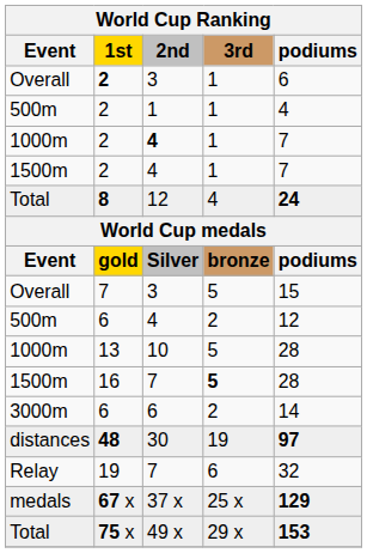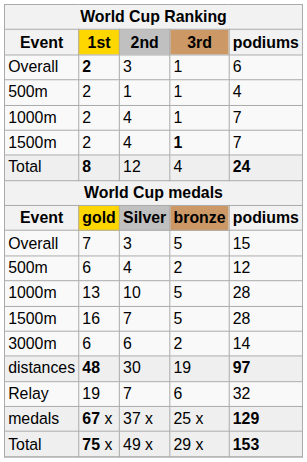 <table class="wikitable" style="font-size:100%" style="text-align:center">
 <tr>
 <th colspan="5">World Cup Ranking</th>
 </tr>
 <tr>
 <th>Event</th>
 <th style="background:gold">1st</th>
 <th style="background:silver">2nd</th>
 <th style="background:#CC9966">3rd</th>
 <th>podiums</th>
 </tr>
 <tr>
 <td>Overall</td>
 <td><strong>2</strong></td>
 <td>3</td>
 <td>1</td>
 <td>6</td>
 </tr>
 <tr>
 <td>500m</td>
 <td>2</td>
 <td>1</td>
 <td>1</td>
 <td>4</td>
 </tr>
 <tr>
 <td>1000m</td>
 <td>2</td>
-<td><strong>4</strong></td>
+<td>4</td>
 <td>1</td>
 <td>7</td>
 </tr>
 <tr>
 <td>1500m</td>
 <td>2</td>
 <td>4</td>
-<td>1</td>
+<td><strong>1</strong></td>
 <td>7</td>
 </tr>
 <tr>
 <td style="background:#EFEFEF">Total</td>
 <td style="background:#EFEFEF"><strong>8</strong></td>
 <td style="background:#EFEFEF">12</td>
 <td style="background:#EFEFEF">4</td>
 <td style="background: #EFEFEF"><strong>24</strong></td>
 </tr>
 <tr>
 <th colspan="5">World Cup medals</th>
 </tr>
 <tr>
 <th>Event</th>
 <th style="background:gold">gold</th>
 <th style="background:silver">Silver</th>
 <th style="background:#CC9966">bronze</th>
 <th>podiums</th>
 </tr>
 <tr>
 <td>Overall</td>
 <td>7</td>
 <td>3</td>
 <td>5</td>
 <td>15</td>
 </tr>
 <tr>
 <td>500m</td>
 <td>6</td>
 <td>4</td>
 <td>2</td>
 <td>12</td>
 </tr>
 <tr>
 <td>1000m</td>
 <td>13</td>
 <td>10</td>
 <td>5</td>
 <td>28</td>
 </tr>
 <tr>
 <td>1500m</td>
 <td>16</td>
 <td>7</td>
-<td><strong>5</strong></td>
+<td>5</td>
 <td>28</td>
 </tr>
 <tr>
 <td>3000m</td>
 <td>6</td>
 <td>6</td>
 <td>2</td>
 <td>14</td>
 </tr>
 <tr>
 <td style="background:#EFEFEF">distances</td>
 <td style="background:#EFEFEF"><strong>48</strong></td>
 <td style="background:#EFEFEF">30</td>
 <td style="background:#EFEFEF">19</td>
 <td style="background: #EFEFEF"><strong>97</strong></td>
 </tr>
 <tr>
 <td>Relay</td>
 <td>19</td>
 <td>7</td>
 <td>6</td>
 <td>32</td>
 </tr>
 <tr>
 <td style="background:#EFEFEF">medals</td>
 <td style="background:#EFEFEF"><strong>67</strong> x </td>
 <td style="background:#EFEFEF">37 x </td>
 <td style="background:#EFEFEF">25 x </td>
 <td style="background:#EFEFEF"><strong>129 </strong></td>
 </tr>
 <tr>
 <td style="background:#EFEFEF">Total</td>
 <td style="background:#EFEFEF"><strong>75</strong> x </td>
 <td style="background:#EFEFEF">49 x </td>
 <td style="background:#EFEFEF">29 x </td>
 <td style="background:#EFEFEF"><strong>153 </strong></td>
 </tr>
 <tr>
 </tr>
 </table>
